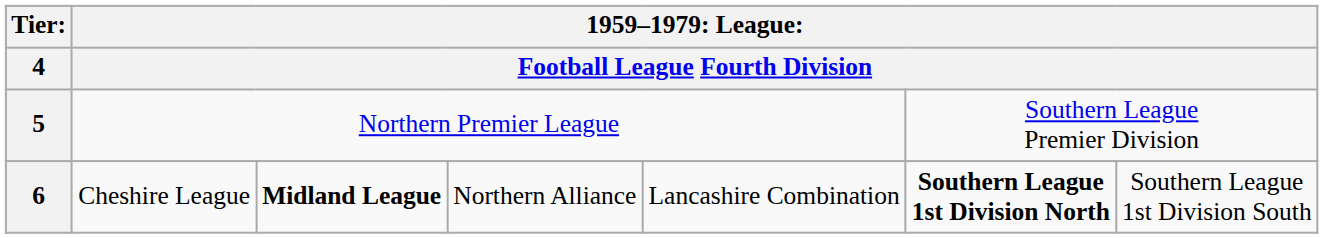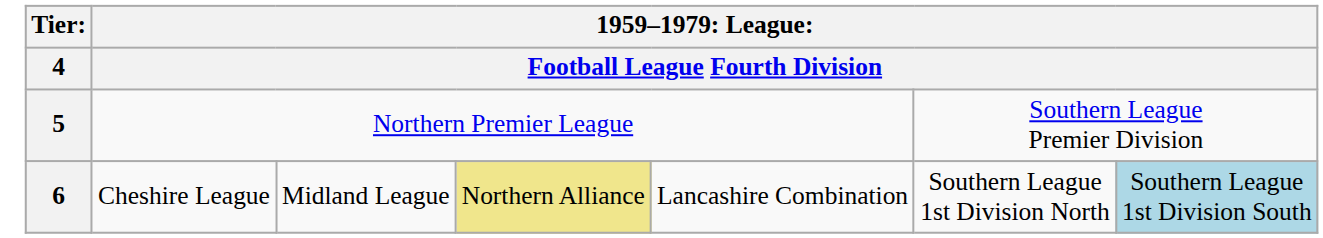 <table class="wikitable" style="text-align: center; font-size: 80%; float: right; ">
 <tr>
 <th>Tier:</th>
 <th colspan="6">1959–1979: League:</th>
 </tr>
 <tr>
 <th>4</th>
 <th colspan="6"><strong><a href='#'>Football League</a> <a href='#'>Fourth Division</a></strong></th>
 </tr>
 <tr>
 <th>5</th>
 <td colspan="4"><a href='#'>Northern Premier League</a></td>
 <td colspan="2"><a href='#'>Southern League</a><br>Premier Division</td>
 </tr>
 <tr>
 <th>6</th>
 <td>Cheshire League</td>
-<td><strong>Midland League</strong></td>
-<td>Northern Alliance</td>
+<td>Midland League</td>
+<td style="background: khaki;">Northern Alliance</td>
 <td>Lancashire Combination</td>
-<td><strong>Southern League<br>1st Division North</strong></td>
-<td>Southern League<br>1st Division South</td>
+<td>Southern League<br>1st Division North</td>
+<td style="background: lightblue;">Southern League<br>1st Division South</td>
 </tr>
 </table>
